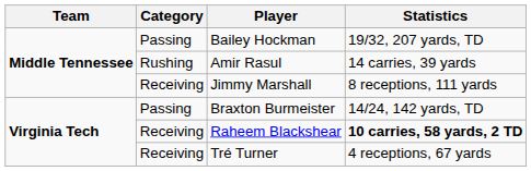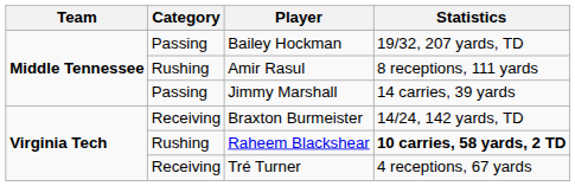 <table class="wikitable" style="float: right;">
 <tr>
 <th>Team</th>
 <th>Category</th>
 <th>Player</th>
 <th>Statistics</th>
 </tr>
 <tr>
 <td rowspan=3><strong>Middle Tennessee</strong></td>
 <td>Passing</td>
 <td>Bailey Hockman</td>
 <td>19/32, 207 yards, TD</td>
 </tr>
 <tr>
 <td>Rushing</td>
 <td>Amir Rasul</td>
+<td>8 receptions, 111 yards</td>
+</tr>
+<tr>
+<td>Passing</td>
+<td>Jimmy Marshall</td>
 <td>14 carries, 39 yards</td>
 </tr>
 <tr>
+<td rowspan=3><strong>Virginia Tech</strong></td>
 <td>Receiving</td>
-<td>Jimmy Marshall</td>
-<td>8 receptions, 111 yards</td>
-</tr>
-<tr>
-<td rowspan=3><strong>Virginia Tech</strong></td>
-<td>Passing</td>
 <td>Braxton Burmeister</td>
 <td>14/24, 142 yards, TD</td>
 </tr>
 <tr>
-<td>Receiving</td>
+<td>Rushing</td>
 <td><a href='#'>Raheem Blackshear</a></td>
 <td><strong>10 carries, 58 yards, 2 TD</strong></td>
 </tr>
 <tr>
 <td>Receiving</td>
 <td>Tré Turner</td>
 <td>4 receptions, 67 yards</td>
 </tr>
 </table>
